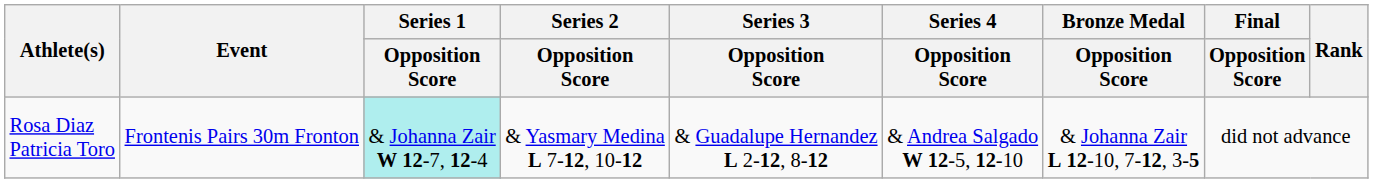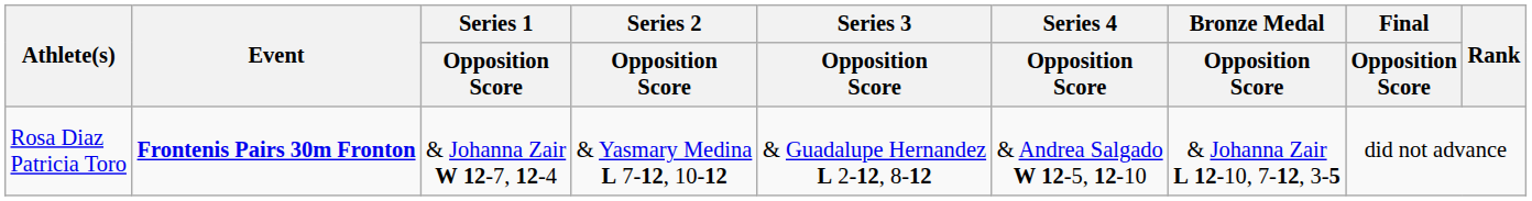 <table class="wikitable" style="font-size:90%">
 <tr>
 <th rowspan="2">Athlete(s)</th>
 <th rowspan="2">Event</th>
 <th>Series 1</th>
 <th>Series 2</th>
 <th>Series 3</th>
 <th>Series 4</th>
 <th>Bronze Medal</th>
 <th>Final</th>
 <th rowspan="2">Rank</th>
 </tr>
 <tr>
 <th>Opposition <br> Score</th>
 <th>Opposition <br> Score</th>
 <th>Opposition <br> Score</th>
 <th>Opposition <br> Score</th>
 <th>Opposition <br> Score</th>
 <th>Opposition <br> Score</th>
 </tr>
 <tr>
 <td><a href='#'>Rosa Diaz</a><br><a href='#'>Patricia Toro</a></td>
-<td><a href='#'>Frontenis Pairs 30m Fronton</a></td>
-<td align=center style="background: paleturquoise;"> <br> & <a href='#'>Johanna Zair</a> <br><strong>W</strong> <strong>12</strong>-7, <strong>12</strong>-4</td>
+<td><strong><a href='#'>Frontenis Pairs 30m Fronton</a></strong></td>
+<td align=center> <br> & <a href='#'>Johanna Zair</a> <br><strong>W</strong> <strong>12</strong>-7, <strong>12</strong>-4</td>
 <td align=center> <br> & <a href='#'>Yasmary Medina</a> <br><strong>L</strong> 7-<strong>12</strong>, 10-<strong>12</strong></td>
 <td align=center> <br> & <a href='#'>Guadalupe Hernandez</a> <br><strong>L</strong> 2-<strong>12</strong>, 8-<strong>12</strong></td>
 <td align=center> <br> & <a href='#'>Andrea Salgado</a> <br><strong>W</strong> <strong>12</strong>-5, <strong>12</strong>-10</td>
 <td align=center> <br> & <a href='#'>Johanna Zair</a> <br><strong>L</strong> <strong>12</strong>-10, 7-<strong>12</strong>, 3-<strong>5</strong></td>
 <td style="text-align:center;" colspan="2">did not advance</td>
 </tr>
 </table>
